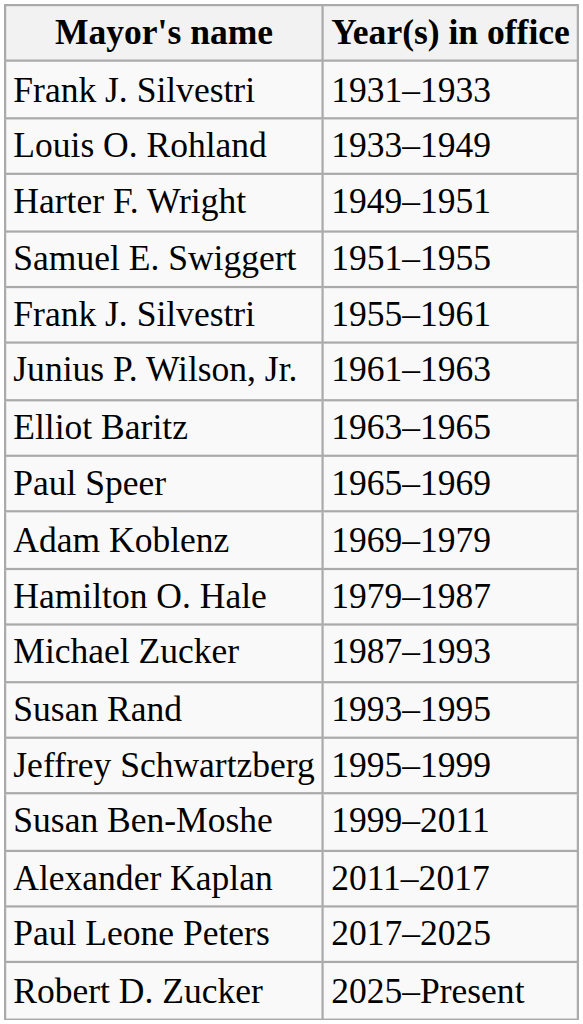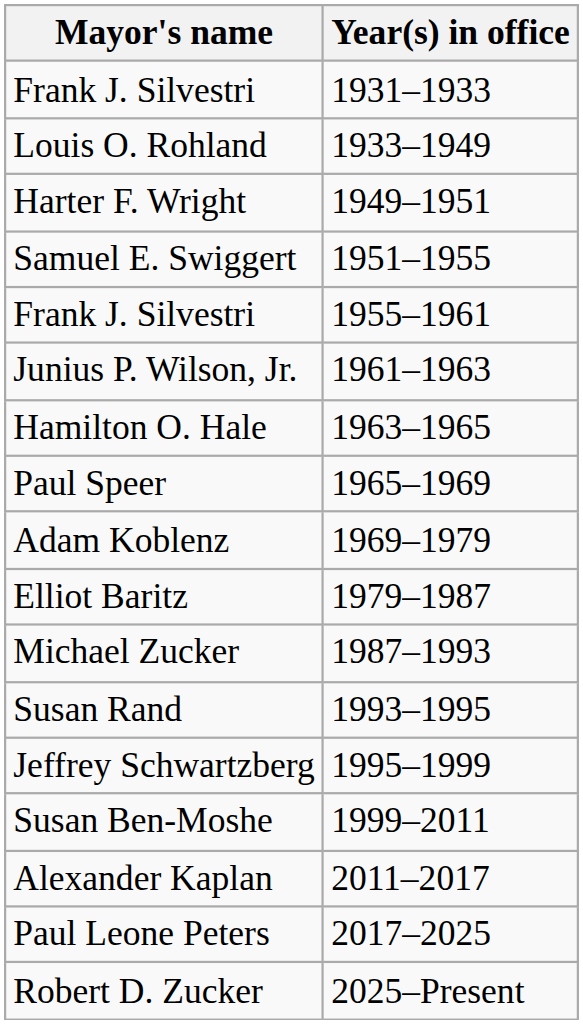 <table class="wikitable mw-collapsible">
 <tr>
 <th>Mayor's name</th>
 <th>Year(s) in office</th>
 </tr>
 <tr>
 <td>Frank J. Silvestri</td>
 <td>1931–1933</td>
 </tr>
 <tr>
 <td>Louis O. Rohland</td>
 <td>1933–1949</td>
 </tr>
 <tr>
 <td>Harter F. Wright</td>
 <td>1949–1951</td>
 </tr>
 <tr>
 <td>Samuel E. Swiggert</td>
 <td>1951–1955</td>
 </tr>
 <tr>
 <td>Frank J. Silvestri</td>
 <td>1955–1961</td>
 </tr>
 <tr>
 <td>Junius P. Wilson, Jr.</td>
 <td>1961–1963</td>
 </tr>
 <tr>
-<td>Elliot Baritz</td>
+<td>Hamilton O. Hale</td>
 <td>1963–1965</td>
 </tr>
 <tr>
 <td>Paul Speer</td>
 <td>1965–1969</td>
 </tr>
 <tr>
 <td>Adam Koblenz</td>
 <td>1969–1979</td>
 </tr>
 <tr>
-<td>Hamilton O. Hale</td>
+<td>Elliot Baritz</td>
 <td>1979–1987</td>
 </tr>
 <tr>
 <td>Michael Zucker</td>
 <td>1987–1993</td>
 </tr>
 <tr>
 <td>Susan Rand</td>
 <td>1993–1995</td>
 </tr>
 <tr>
 <td>Jeffrey Schwartzberg</td>
 <td>1995–1999</td>
 </tr>
 <tr>
 <td>Susan Ben-Moshe</td>
 <td>1999–2011</td>
 </tr>
 <tr>
 <td>Alexander Kaplan</td>
 <td>2011–2017</td>
 </tr>
 <tr>
 <td>Paul Leone Peters</td>
 <td>2017–2025</td>
 </tr>
 <tr>
 <td>Robert D. Zucker</td>
 <td>2025–Present</td>
 </tr>
 </table>
